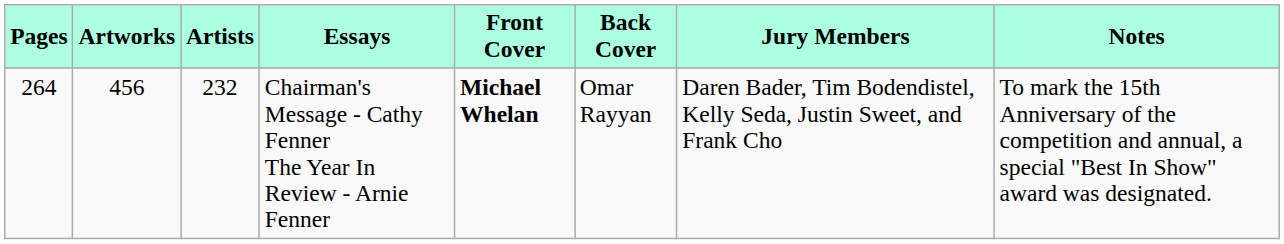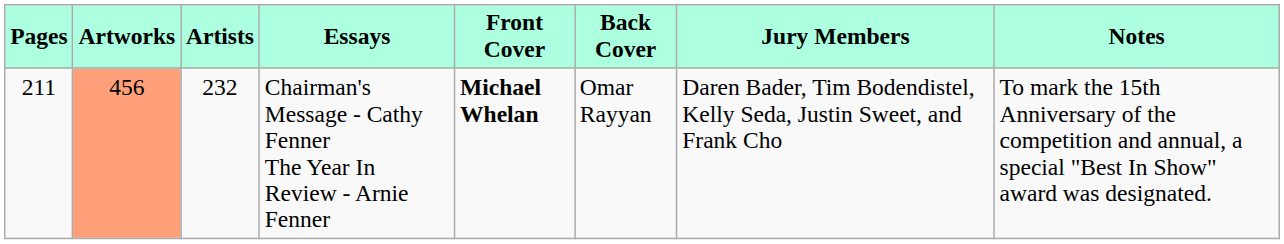 <table class="wikitable">
 <tr>
 <th style="background:#acffdf">Pages</th>
 <th style="background:#acffdf">Artworks</th>
 <th style="background:#acffdf">Artists</th>
 <th style="background:#acffdf">Essays</th>
 <th style="background:#acffdf">Front Cover</th>
 <th style="background:#acffdf">Back Cover</th>
 <th style="background:#acffdf">Jury Members</th>
 <th style="background:#acffdf">Notes</th>
 </tr>
 <tr valign="top">
-<td align="center">264</td>
-<td align="center">456</td>
+<td align="center">211</td>
+<td align="center" style="background: lightsalmon;">456</td>
 <td align="center">232</td>
 <td>Chairman's Message - Cathy Fenner<br>The Year In Review - Arnie Fenner</td>
 <td><strong>Michael Whelan</strong></td>
 <td>Omar Rayyan</td>
 <td>Daren Bader, Tim Bodendistel, Kelly Seda, Justin Sweet, and Frank Cho</td>
 <td>To mark the 15th Anniversary of the competition and annual, a<br>special "Best In Show" award was designated.</td>
 </tr>
 </table>
